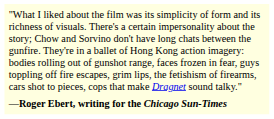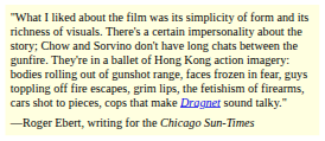 <table class="toccolours" style="float: left; margin-left: 1em; margin-right: 2em; font-size: 85%; background:#FFFFE0; color:black; width:30em; max-width: 40%;" cellspacing="5">
 <tr>
 <td style="text-align: left;">"What I liked about the film was its simplicity of form and its richness of visuals. There's a certain impersonality about the story; Chow and Sorvino don't have long chats between the gunfire. They're in a ballet of Hong Kong action imagery: bodies rolling out of gunshot range, faces frozen in fear, guys toppling off fire escapes, grim lips, the fetishism of firearms, cars shot to pieces, cops that make <em><a href='#'>Dragnet</a></em> sound talky."</td>
 </tr>
 <tr>
-<td style="text-align: left;"><strong>—Roger Ebert, writing for the <em>Chicago Sun-Times</em></strong></td>
+<td style="text-align: left;">—Roger Ebert, writing for the <em>Chicago Sun-Times</em></td>
 </tr>
 </table>
